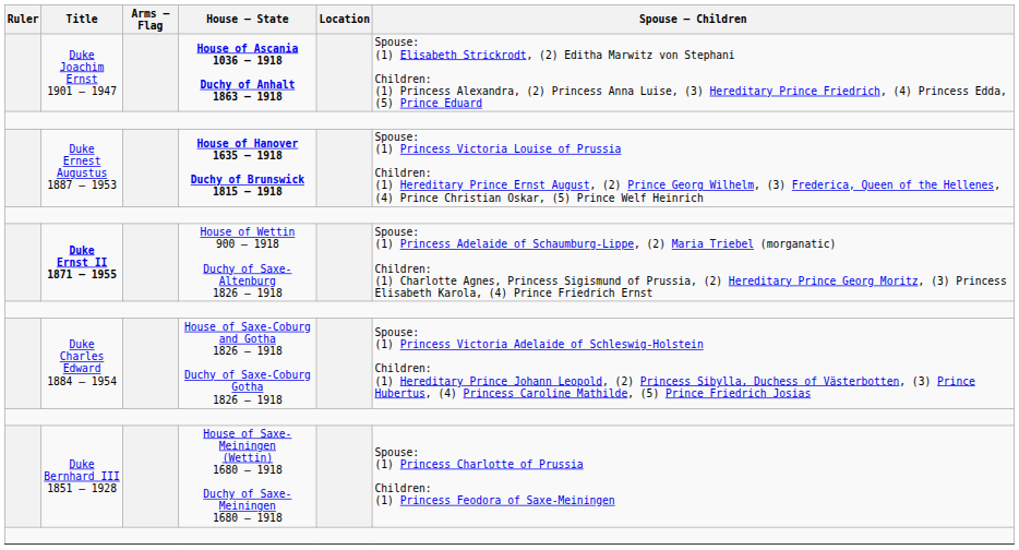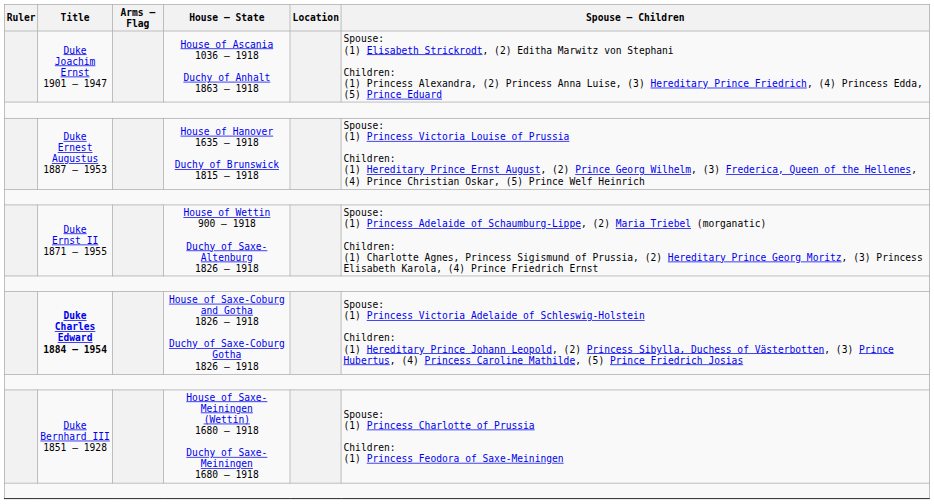 <table class="wikitable" style="border:1px solid">
 <tr>
 <th>Ruler</th>
 <th>Title</th>
 <th>Arms – Flag</th>
 <th>House – State</th>
 <th>Location</th>
 <th>Spouse – Children</th>
 </tr>
 <tr>
 <th></th>
 <td align=center><a href='#'>Duke<br>Joachim Ernst</a><br>1901 – 1947</td>
 <th><br></th>
-<td align=center><strong><a href='#'>House of Ascania</a><br>1036 – 1918<br><br><a href='#'>Duchy of Anhalt</a><br>1863 – 1918</strong></td>
+<td align=center><a href='#'>House of Ascania</a><br>1036 – 1918<br><br><a href='#'>Duchy of Anhalt</a><br>1863 – 1918</td>
 <th></th>
 <td align=left>Spouse:<br>(1) <a href='#'>Elisabeth Strickrodt</a>, (2) Editha Marwitz von Stephani<br><br>Children:<br>(1) Princess Alexandra, (2) Princess Anna Luise, (3) <a href='#'>Hereditary Prince Friedrich</a>, (4) Princess Edda, (5) <a href='#'>Prince Eduard</a></td>
 </tr>
 <tr>
 <td style="text-align:center;" colspan="20"><br></td>
 </tr>
 <tr>
 <th></th>
 <td align=center><a href='#'>Duke<br>Ernest Augustus</a><br>1887 – 1953</td>
 <th><br></th>
-<td align=center><strong><a href='#'>House of Hanover</a><br>1635 – 1918<br><br><a href='#'>Duchy of Brunswick</a><br>1815 – 1918</strong></td>
+<td align=center><a href='#'>House of Hanover</a><br>1635 – 1918<br><br><a href='#'>Duchy of Brunswick</a><br>1815 – 1918</td>
 <th></th>
 <td align=left>Spouse:<br>(1) <a href='#'>Princess Victoria Louise of Prussia</a><br><br>Children:<br>(1) <a href='#'>Hereditary Prince Ernst August</a>, (2) <a href='#'>Prince Georg Wilhelm</a>, (3) <a href='#'>Frederica, Queen of the Hellenes</a>, (4) Prince Christian Oskar, (5) Prince Welf Heinrich</td>
 </tr>
 <tr>
 <td style="text-align:center;" colspan="20"><br></td>
 </tr>
 <tr>
 <th></th>
-<td align=center><strong><a href='#'>Duke<br>Ernst II</a><br>1871 – 1955</strong></td>
+<td align=center><a href='#'>Duke<br>Ernst II</a><br>1871 – 1955</td>
 <th><br></th>
 <td align=center><a href='#'>House of Wettin</a><br>900 – 1918<br><br><a href='#'>Duchy of Saxe-Altenburg</a><br>1826 – 1918</td>
 <th></th>
 <td align=left>Spouse:<br>(1) <a href='#'>Princess Adelaide of Schaumburg-Lippe</a>, (2) <a href='#'>Maria Triebel</a> (morganatic)<br><br>Children:<br>(1) Charlotte Agnes, Princess Sigismund of Prussia, (2) <a href='#'>Hereditary Prince Georg Moritz</a>, (3) Princess Elisabeth Karola, (4) Prince Friedrich Ernst</td>
 </tr>
 <tr>
 <td style="text-align:center;" colspan="20"><br></td>
 </tr>
 <tr>
 <th></th>
-<td align=center><a href='#'>Duke<br>Charles Edward</a><br>1884 – 1954</td>
+<td align=center><strong><a href='#'>Duke<br>Charles Edward</a><br>1884 – 1954</strong></td>
 <th><br></th>
 <td align=center><a href='#'>House of Saxe-Coburg and Gotha</a><br>1826 – 1918<br><br><a href='#'>Duchy of Saxe-Coburg Gotha</a><br>1826 – 1918</td>
 <th></th>
 <td align=left>Spouse:<br>(1) <a href='#'>Princess Victoria Adelaide of Schleswig-Holstein</a><br><br>Children:<br>(1) <a href='#'>Hereditary Prince Johann Leopold</a>, (2) <a href='#'>Princess Sibylla, Duchess of Västerbotten</a>, (3) <a href='#'>Prince Hubertus</a>, (4) <a href='#'>Princess Caroline Mathilde</a>, (5) <a href='#'>Prince Friedrich Josias</a></td>
 </tr>
 <tr>
 <td style="text-align:center;" colspan="20"><br></td>
 </tr>
 <tr>
 <th></th>
 <td align=center><a href='#'>Duke<br>Bernhard III</a><br>1851 – 1928</td>
 <th><br></th>
 <td align=center><a href='#'>House of Saxe-Meiningen</a><br><a href='#'>(Wettin)</a><br>1680 – 1918<br><br><a href='#'>Duchy of Saxe-Meiningen</a><br>1680 – 1918</td>
 <th></th>
 <td align=left>Spouse:<br>(1) <a href='#'>Princess Charlotte of Prussia</a><br><br>Children:<br>(1) <a href='#'>Princess Feodora of Saxe-Meiningen</a></td>
 </tr>
 <tr>
 <td style="text-align:center;" colspan="20"><br></td>
 </tr>
 <tr>
 </tr>
 </table>
